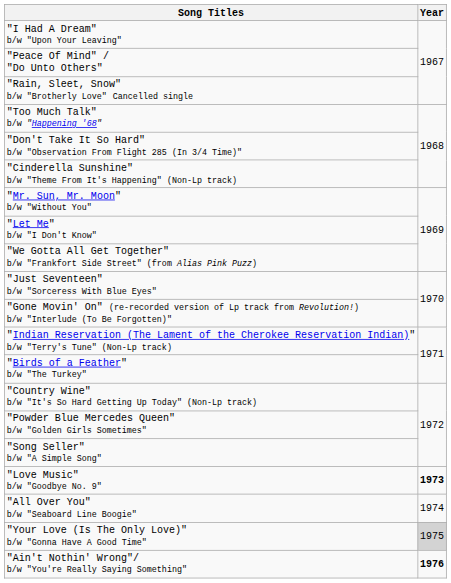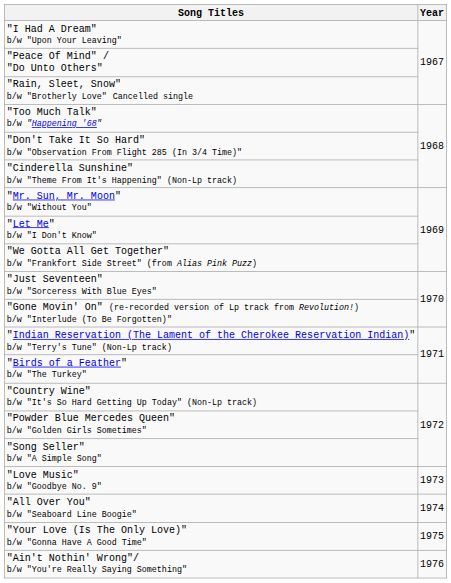 <table class="wikitable">
 <tr>
 <th>Song Titles</th>
 <th>Year</th>
 </tr>
 <tr>
 <td>"I Had A Dream"<br><small>b/w "Upon Your Leaving"</small></td>
 <td rowspan="3">1967</td>
 </tr>
 <tr>
 <td>"Peace Of Mind" /<br>"Do Unto Others"</td>
 </tr>
 <tr>
 <td>"Rain, Sleet, Snow"<br><small>b/w "Brotherly Love"</small> <small>Cancelled single</small></td>
 </tr>
 <tr>
 <td>"Too Much Talk"<br><small>b/w <em>"<a href='#'>Happening '68</a>"</em></small></td>
 <td rowspan="3">1968</td>
 </tr>
 <tr>
 <td>"Don't Take It So Hard"<br><small>b/w "Observation From Flight 285 (In 3/4 Time)"</small></td>
 </tr>
 <tr>
 <td>"Cinderella Sunshine"<br><small>b/w "Theme From It's Happening" (Non-Lp track)</small></td>
 </tr>
 <tr>
 <td>"<a href='#'>Mr. Sun, Mr. Moon</a>"<br><small>b/w "Without You"</small></td>
 <td rowspan="3">1969</td>
 </tr>
 <tr>
 <td>"<a href='#'>Let Me</a>"<br><small>b/w "I Don't Know"</small></td>
 </tr>
 <tr>
 <td>"We Gotta All Get Together"<br><small>b/w "Frankfort Side Street" (from <em>Alias Pink Puzz</em>)</small></td>
 </tr>
 <tr>
 <td>"Just Seventeen"<br><small>b/w "Sorceress With Blue Eyes"</small></td>
 <td rowspan="2">1970</td>
 </tr>
 <tr>
 <td>"Gone Movin' On" <small>(re-recorded version of Lp track from <em>Revolution!</em>)</small><br><small>b/w "Interlude (To Be Forgotten)"</small></td>
 </tr>
 <tr>
 <td>"<a href='#'>Indian Reservation (The Lament of the Cherokee Reservation Indian)</a>"<br><small>b/w "Terry's Tune" (Non-Lp track)</small></td>
 <td rowspan="2">1971</td>
 </tr>
 <tr>
 <td>"<a href='#'>Birds of a Feather</a>"<br><small>b/w "The Turkey"</small></td>
 </tr>
 <tr>
 <td>"Country Wine"<br><small>b/w "It's So Hard Getting Up Today" (Non-Lp track)</small></td>
 <td rowspan="3">1972</td>
 </tr>
 <tr>
 <td>"Powder Blue Mercedes Queen"<br><small>b/w "Golden Girls Sometimes"</small></td>
 </tr>
 <tr>
 <td>"Song Seller"<br><small>b/w "A Simple Song"</small></td>
 </tr>
 <tr>
 <td>"Love Music"<br><small>b/w "Goodbye No. 9"</small></td>
-<td><strong>1973</strong></td>
+<td>1973</td>
 </tr>
 <tr>
 <td>"All Over You"<br><small>b/w "Seaboard Line Boogie"</small></td>
 <td>1974</td>
 </tr>
 <tr>
 <td>"Your Love (Is The Only Love)"<br><small>b/w "Gonna Have A Good Time"</small></td>
-<td style="background: lightgrey;">1975</td>
+<td>1975</td>
 </tr>
 <tr>
 <td>"Ain't Nothin' Wrong"/<br><small>b/w "You're Really Saying Something"</small></td>
-<td><strong>1976</strong></td>
+<td>1976</td>
 </tr>
 </table>
